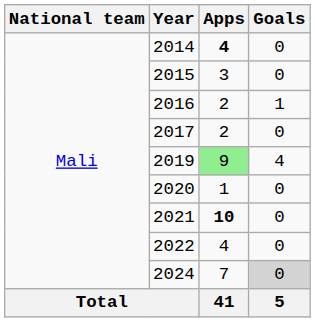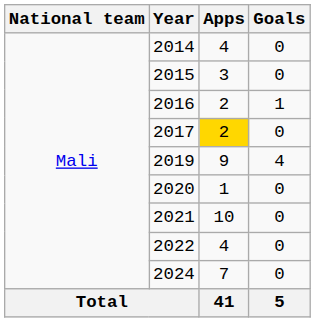 <table class="wikitable" style="text-align:center">
 <tr>
 <th>National team</th>
 <th>Year</th>
 <th>Apps</th>
 <th>Goals</th>
 </tr>
 <tr>
 <td rowspan="9"><a href='#'>Mali</a></td>
 <td>2014</td>
-<td><strong>4</strong></td>
+<td>4</td>
 <td>0</td>
 </tr>
 <tr>
 <td>2015</td>
 <td>3</td>
 <td>0</td>
 </tr>
 <tr>
 <td>2016</td>
 <td>2</td>
 <td>1</td>
 </tr>
 <tr>
 <td>2017</td>
-<td>2</td>
+<td style="background: gold;">2</td>
 <td>0</td>
 </tr>
 <tr>
 <td>2019</td>
-<td style="background: lightgreen;">9</td>
+<td>9</td>
 <td>4</td>
 </tr>
 <tr>
 <td>2020</td>
 <td>1</td>
 <td>0</td>
 </tr>
 <tr>
 <td>2021</td>
-<td><strong>10</strong></td>
+<td>10</td>
 <td>0</td>
 </tr>
 <tr>
 <td>2022</td>
 <td>4</td>
 <td>0</td>
 </tr>
 <tr>
 <td>2024</td>
 <td>7</td>
-<td style="background: lightgrey;">0</td>
+<td>0</td>
 </tr>
 <tr>
 <th colspan="2">Total</th>
 <th>41</th>
 <th>5</th>
 </tr>
 </table>
